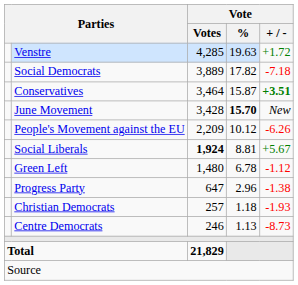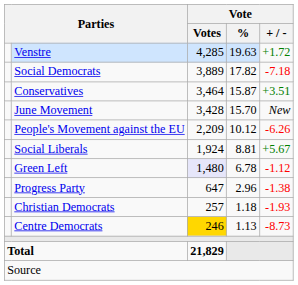 <table class="wikitable" style="text-align:right;">
 <tr>
 <th style="text-align:centre;" rowspan="2" colspan="2" width="225">Parties</th>
 <th colspan="3">Vote</th>
 </tr>
 <tr>
 <th width="15">Votes</th>
 <th width="15">%</th>
 <th width="15">+ / -</th>
 </tr>
 <tr>
 <td width="2" style="color:inherit;background:"></td>
 <td bgcolor=#cfe5fe   align="left"><a href='#'>Venstre</a></td>
 <td bgcolor=#cfe5fe>4,285</td>
 <td bgcolor=#cfe5fe>19.63</td>
 <td style=color:green;>+1.72</td>
 </tr>
 <tr>
 <td width="2" style="color:inherit;background:"></td>
 <td align="left"><a href='#'>Social Democrats</a></td>
 <td>3,889</td>
 <td>17.82</td>
 <td style=color:red;>-7.18</td>
 </tr>
 <tr>
 <td width="2" style="color:inherit;background:"></td>
 <td align="left"><a href='#'>Conservatives</a></td>
 <td>3,464</td>
 <td>15.87</td>
-<td style=color:green;><strong>+3.51</strong></td>
+<td style=color:green;>+3.51</td>
 </tr>
 <tr>
 <td width="2" style="color:inherit;background:"></td>
 <td align="left"><a href='#'>June Movement</a></td>
 <td>3,428</td>
-<td><strong>15.70</strong></td>
+<td>15.70</td>
 <td><em>New</em></td>
 </tr>
 <tr>
 <td width="2" style="color:inherit;background:"></td>
 <td align="left"><a href='#'>People's Movement against the EU</a></td>
 <td>2,209</td>
 <td>10.12</td>
 <td style=color:red;>-6.26</td>
 </tr>
 <tr>
 <td width="2" style="color:inherit;background:"></td>
 <td align="left"><a href='#'>Social Liberals</a></td>
-<td><strong>1,924</strong></td>
+<td>1,924</td>
 <td>8.81</td>
 <td style=color:green;>+5.67</td>
 </tr>
 <tr>
 <td width="2" style="color:inherit;background:"></td>
 <td align="left"><a href='#'>Green Left</a></td>
-<td>1,480</td>
+<td style="background: lavender;">1,480</td>
 <td>6.78</td>
 <td style=color:red;>-1.12</td>
 </tr>
 <tr>
 <td width="2" style="color:inherit;background:"></td>
 <td align="left"><a href='#'>Progress Party</a></td>
 <td>647</td>
 <td>2.96</td>
 <td style=color:red;>-1.38</td>
 </tr>
 <tr>
 <td width="2" style="color:inherit;background:"></td>
 <td align="left"><a href='#'>Christian Democrats</a></td>
 <td>257</td>
 <td>1.18</td>
 <td style=color:red;>-1.93</td>
 </tr>
 <tr>
 <td width="2" style="color:inherit;background:"></td>
 <td align="left"><a href='#'>Centre Democrats</a></td>
-<td>246</td>
+<td style="background: gold;">246</td>
 <td>1.13</td>
 <td style=color:red;>-8.73</td>
 </tr>
 <tr>
 <td colspan="7" bgcolor="#E9E9E9"></td>
 </tr>
 <tr>
 <td align="left" colspan="2"><strong>Total</strong></td>
 <td><strong>21,829</strong></td>
 <td bgcolor="#E9E9E9" colspan="2"></td>
 </tr>
 <tr>
 <td align="left" colspan="6">Source</td>
 </tr>
 </table>
